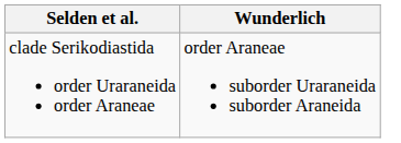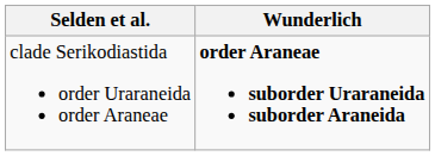 <table class="wikitable">
 <tr>
 <th>Selden et al.</th>
 <th>Wunderlich</th>
 </tr>
 <tr>
 <td>clade Serikodiastida<br><ul><li>order Uraraneida</li><li>order Araneae</li></ul></td>
-<td>order Araneae<br><ul><li>suborder Uraraneida</li><li>suborder Araneida</li></ul></td>
+<td><strong>order Araneae<br><ul><li>suborder Uraraneida</li><li>suborder Araneida</li></ul></strong></td>
 </tr>
 </table>
